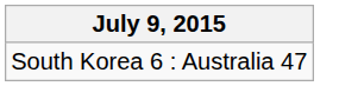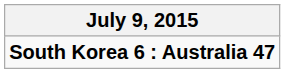 <table class="wikitable" style="text-align: center;">
 <tr>
 <th>July 9, 2015</th>
 </tr>
 <tr>
-<td>South Korea 6 : Australia 47</td>
+<td><strong>South Korea 6 : Australia 47</strong></td>
 </tr>
 </table>
